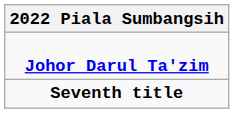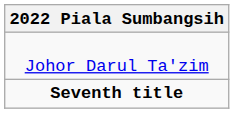 <table class="wikitable" style="text-align: center; margin: 0 auto;">
 <tr>
 <th>2022 Piala Sumbangsih</th>
 </tr>
 <tr>
-<td><strong><br><a href='#'>Johor Darul Ta'zim</a></strong></td>
+<td><br><a href='#'>Johor Darul Ta'zim</a></td>
 </tr>
 <tr>
 <td><strong>Seventh title</strong></td>
 </tr>
 </table>
